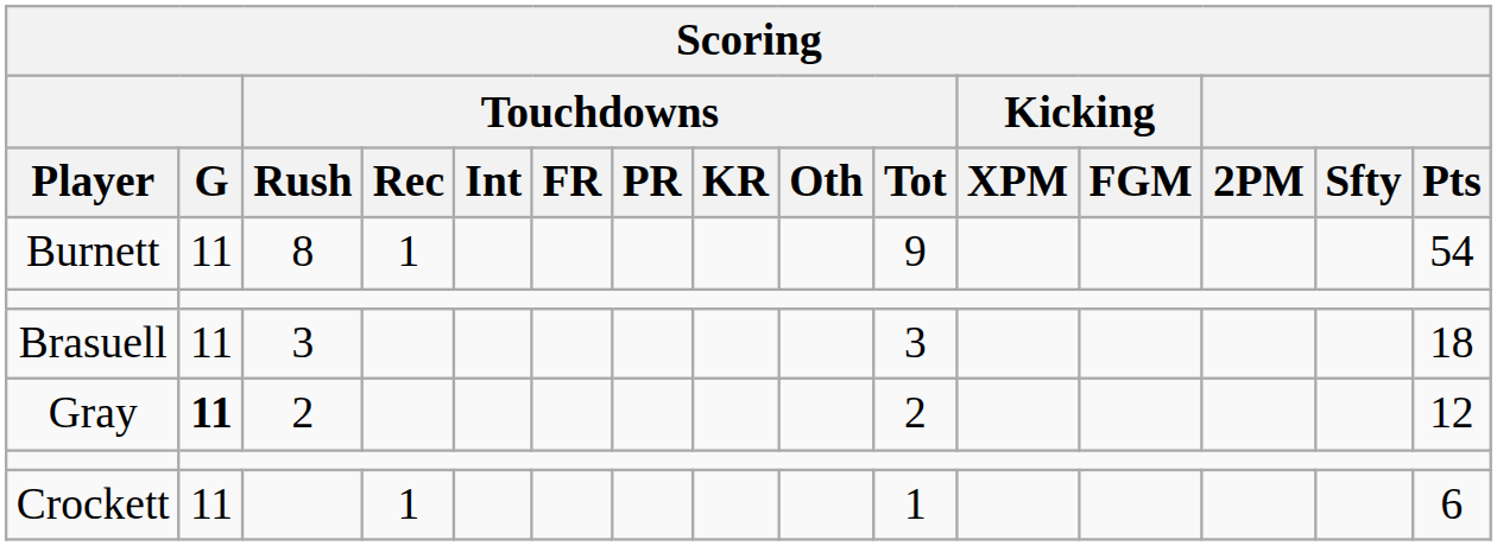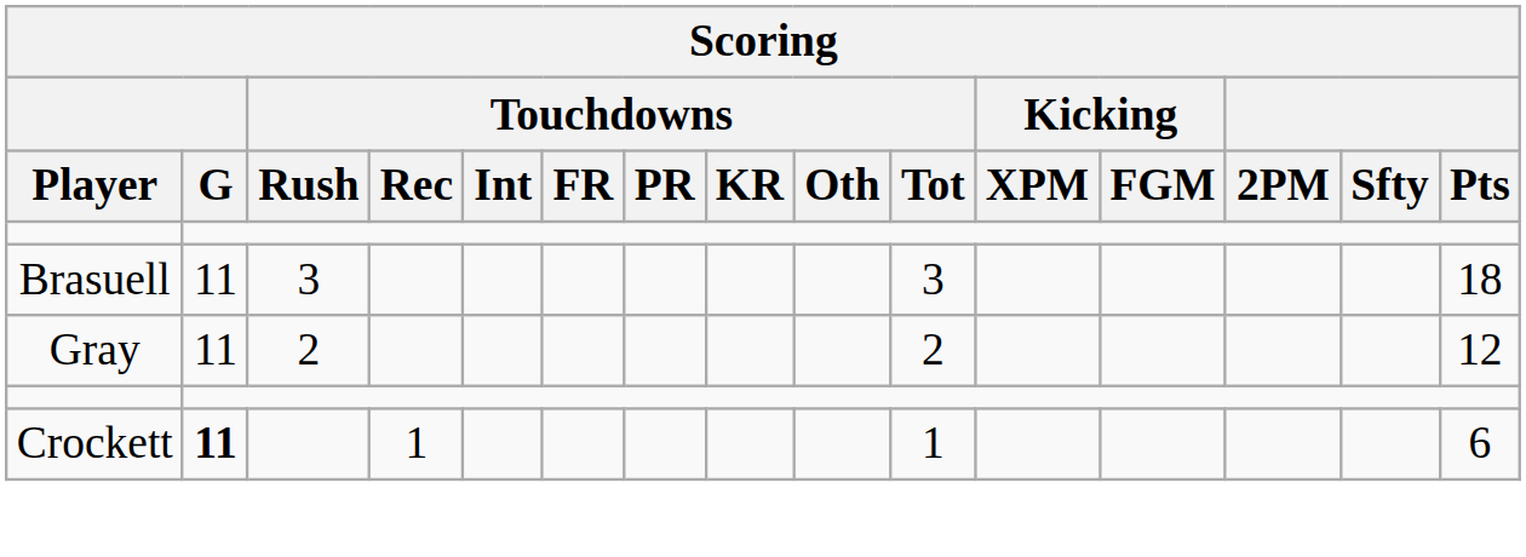 <table class="wikitable" style="text-align:center">
 <tr>
 <th colspan="15">Scoring</th>
 </tr>
 <tr>
 <th colspan="2"></th>
 <th colspan="8">Touchdowns</th>
 <th colspan="2">Kicking</th>
 <th colspan="3"></th>
 </tr>
 <tr>
 <th>Player</th>
 <th>G</th>
 <th>Rush</th>
 <th>Rec</th>
 <th>Int</th>
 <th>FR</th>
 <th>PR</th>
 <th>KR</th>
 <th>Oth</th>
 <th>Tot</th>
 <th>XPM</th>
 <th>FGM</th>
 <th>2PM</th>
 <th>Sfty</th>
 <th>Pts</th>
 </tr>
 <tr>
-<td>Burnett</td>
-<td>11</td>
-<td>8</td>
-<td>1</td>
-<td></td>
-<td></td>
-<td></td>
-<td></td>
-<td></td>
-<td>9</td>
-<td></td>
-<td></td>
-<td></td>
-<td></td>
-<td>54</td>
-</tr>
-<tr>
 <td></td>
 </tr>
 <tr>
 <td>Brasuell</td>
 <td>11</td>
 <td>3</td>
 <td></td>
 <td></td>
 <td></td>
 <td></td>
 <td></td>
 <td></td>
 <td>3</td>
 <td></td>
 <td></td>
 <td></td>
 <td></td>
 <td>18</td>
 </tr>
 <tr>
 <td>Gray</td>
-<td><strong>11</strong></td>
+<td>11</td>
 <td>2</td>
 <td></td>
 <td></td>
 <td></td>
 <td></td>
 <td></td>
 <td></td>
 <td>2</td>
 <td></td>
 <td></td>
 <td></td>
 <td></td>
 <td>12</td>
 </tr>
 <tr>
 <td></td>
 </tr>
 <tr>
 <td>Crockett</td>
-<td>11</td>
+<td><strong>11</strong></td>
 <td></td>
 <td>1</td>
 <td></td>
 <td></td>
 <td></td>
 <td></td>
 <td></td>
 <td>1</td>
 <td></td>
 <td></td>
 <td></td>
 <td></td>
 <td>6</td>
 </tr>
 </table>
